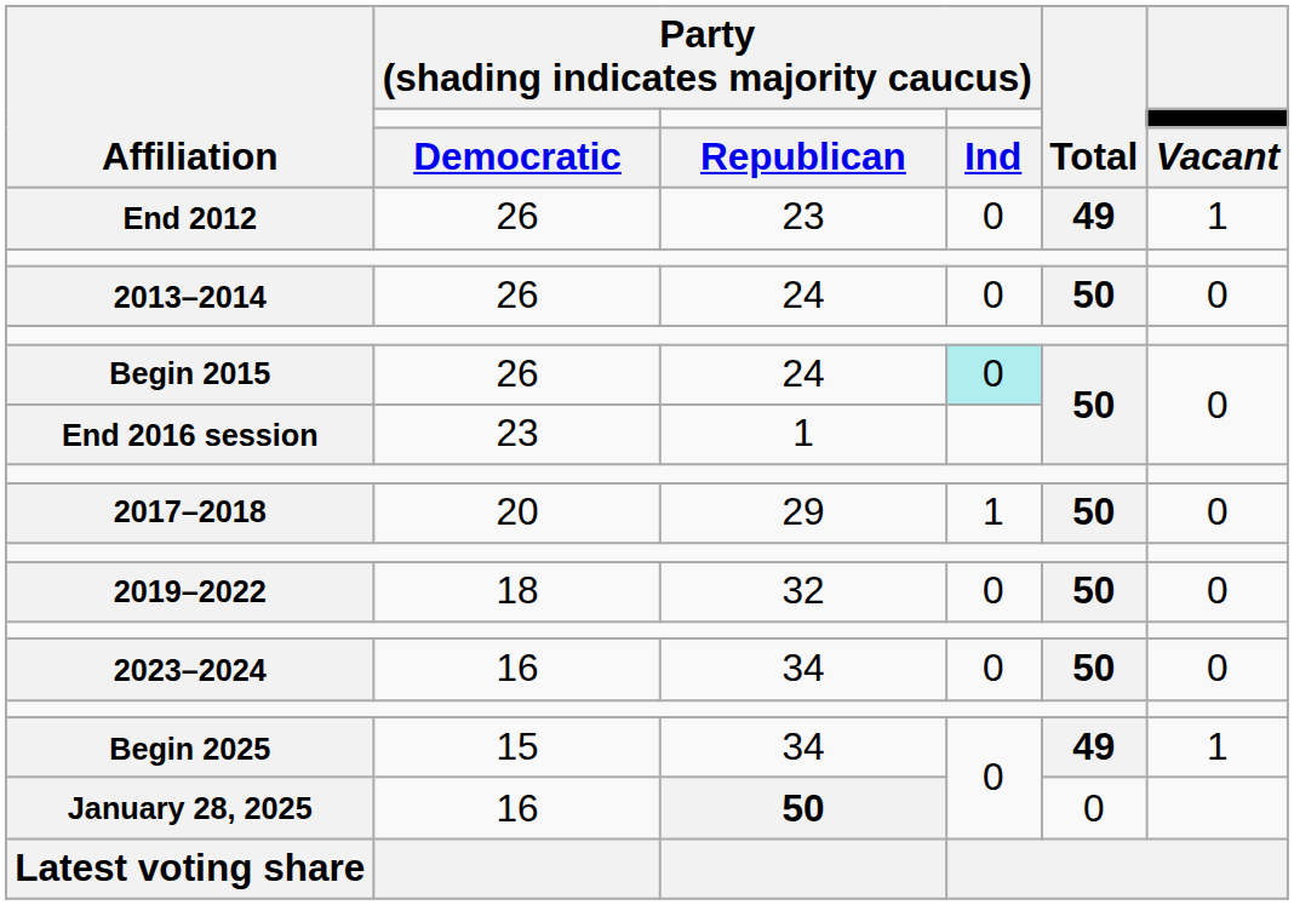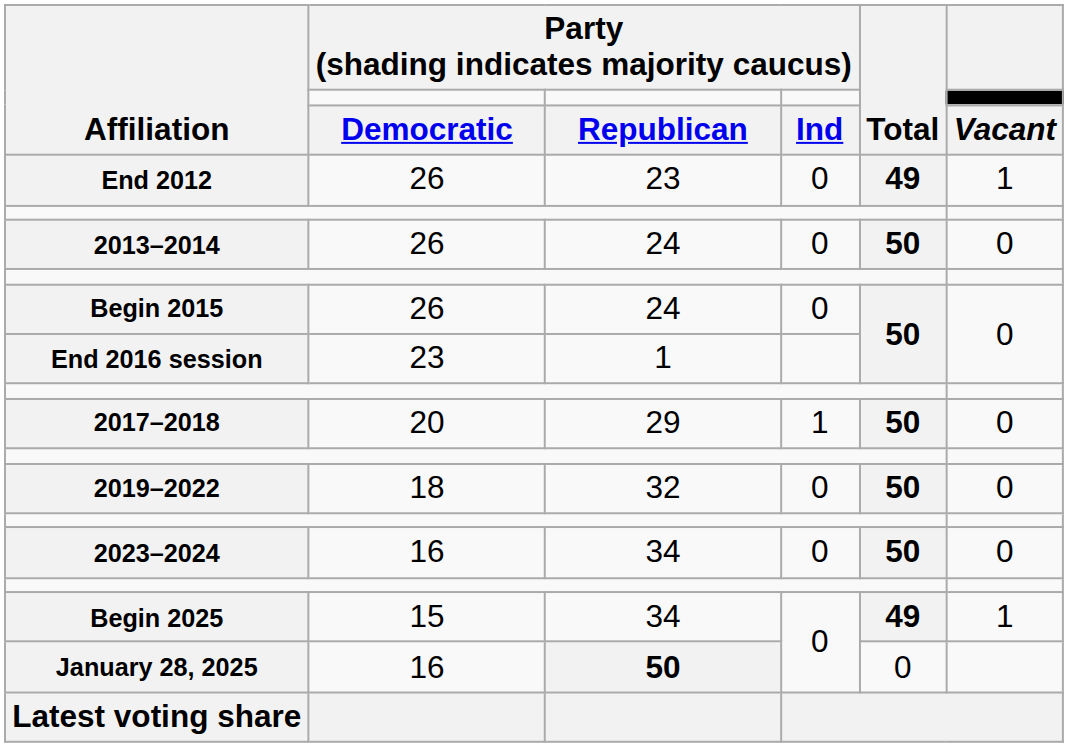 <table class=wikitable style="text-align:center">
 <tr valign=bottom>
 <th rowspan=3>Affiliation</th>
 <th colspan=3>Party <div>(shading indicates majority caucus)</div></th>
 <th rowspan=3>Total</th>
 <th></th>
 </tr>
 <tr style="height:5px">
 <td style="background-color:"></td>
 <td style="background-color:"></td>
 <td style="background-color:"></td>
 <td style="background: black"></td>
 </tr>
 <tr>
 <th><a href='#'>Democratic</a></th>
 <th><a href='#'>Republican</a></th>
 <th><a href='#'>Ind</a></th>
 <th><em>Vacant</em></th>
 </tr>
 <tr>
 <th nowrap style="font-size:80%">End 2012</th>
 <td>26</td>
 <td>23</td>
 <td>0</td>
 <th>49</th>
 <td>1</td>
 </tr>
 <tr>
 <td colspan=5></td>
 </tr>
 <tr>
 <th nowrap style="font-size:80%">2013–2014</th>
 <td>26</td>
 <td>24</td>
 <td>0</td>
 <th>50</th>
 <td>0</td>
 </tr>
 <tr>
 <td colspan=5></td>
 </tr>
 <tr>
 <th nowrap style="font-size:80%">Begin 2015</th>
 <td>26</td>
 <td>24</td>
-<td style="background: paleturquoise;">0</td>
+<td>0</td>
 <th rowspan=2>50</th>
 <td rowspan=2>0</td>
 </tr>
 <tr>
 <th nowrap style="font-size:80%">End 2016 session</th>
 <td>23</td>
 <td>1</td>
 </tr>
 <tr>
 <td colspan=5></td>
 </tr>
 <tr>
 <th nowrap style="font-size:80%">2017–2018</th>
 <td>20</td>
 <td>29</td>
 <td>1</td>
 <th>50</th>
 <td>0</td>
 </tr>
 <tr>
 <td colspan=5></td>
 </tr>
 <tr>
 <th nowrap style="font-size:80%">2019–2022</th>
 <td>18</td>
 <td>32</td>
 <td>0</td>
 <th>50</th>
 <td>0</td>
 </tr>
 <tr>
 <td colspan=5></td>
 </tr>
 <tr>
 <th nowrap style="font-size:80%">2023–2024</th>
 <td>16</td>
 <td>34</td>
 <td>0</td>
 <th>50</th>
 <td>0</td>
 </tr>
 <tr>
 <td colspan=5></td>
 </tr>
 <tr>
 <th nowrap style="font-size:80%">Begin 2025</th>
 <td>15</td>
 <td>34</td>
 <td rowspan=2>0</td>
 <th>49</th>
 <td>1</td>
 </tr>
 <tr>
 <th nowrap style="font-size:80%">January 28, 2025</th>
 <td>16</td>
 <th>50</th>
 <td>0</td>
 </tr>
 <tr>
 <th>Latest voting share</th>
 <th></th>
 <th></th>
 <th colspan=3></th>
 </tr>
 </table>
